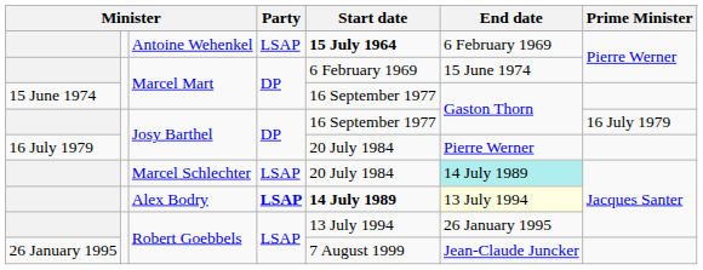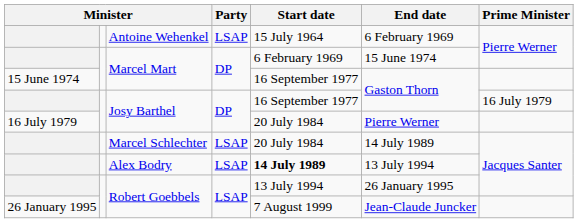 <table class="wikitable">
 <tr style="background: #efefef;">
 <th colspan=3>Minister</th>
 <th>Party</th>
 <th>Start date</th>
 <th>End date</th>
 <th>Prime Minister</th>
 </tr>
 <tr>
 <th style="background-color: "></th>
 <td></td>
 <td><a href='#'>Antoine Wehenkel</a></td>
 <td><a href='#'>LSAP</a></td>
-<td><strong>15 July 1964</strong></td>
+<td>15 July 1964</td>
 <td>6 February 1969</td>
 <td rowspan=2><a href='#'>Pierre Werner</a></td>
 </tr>
 <tr>
 <th style="background-color: "></th>
 <td rowspan=2></td>
 <td rowspan=2><a href='#'>Marcel Mart</a></td>
 <td rowspan=2><a href='#'>DP</a></td>
 <td>6 February 1969</td>
 <td>15 June 1974</td>
 </tr>
 <tr>
 <td>15 June 1974</td>
 <td>16 September 1977</td>
 <td rowspan=2><a href='#'>Gaston Thorn</a></td>
 </tr>
 <tr>
 <th style="background-color: "></th>
 <td rowspan=2></td>
 <td rowspan=2><a href='#'>Josy Barthel</a></td>
 <td rowspan=2><a href='#'>DP</a></td>
 <td>16 September 1977</td>
 <td>16 July 1979</td>
 </tr>
 <tr>
 <td>16 July 1979</td>
 <td>20 July 1984</td>
 <td><a href='#'>Pierre Werner</a></td>
 </tr>
 <tr>
 <th style="background-color: "></th>
 <td></td>
 <td><a href='#'>Marcel Schlechter</a></td>
 <td><a href='#'>LSAP</a></td>
 <td>20 July 1984</td>
-<td style="background: paleturquoise;">14 July 1989</td>
+<td>14 July 1989</td>
 <td rowspan=3><a href='#'>Jacques Santer</a></td>
 </tr>
 <tr>
 <th style="background-color: "></th>
 <td></td>
 <td><a href='#'>Alex Bodry</a></td>
-<td><strong><a href='#'>LSAP</a></strong></td>
+<td><a href='#'>LSAP</a></td>
 <td><strong>14 July 1989</strong></td>
-<td style="background: lightyellow;">13 July 1994</td>
+<td>13 July 1994</td>
 </tr>
 <tr>
 <th style="background-color: "></th>
 <td rowspan=2></td>
 <td rowspan=2><a href='#'>Robert Goebbels</a></td>
 <td rowspan=2><a href='#'>LSAP</a></td>
 <td>13 July 1994</td>
 <td>26 January 1995</td>
 </tr>
 <tr>
 <td>26 January 1995</td>
 <td>7 August 1999</td>
 <td><a href='#'>Jean-Claude Juncker</a></td>
 </tr>
 </table>
